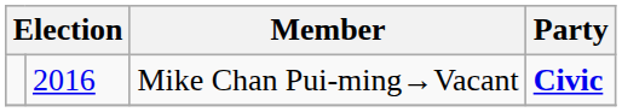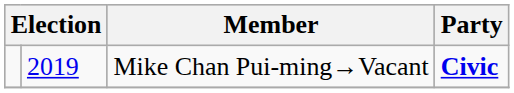 <table class="wikitable">
 <tr>
 <th colspan="2">Election</th>
 <th>Member</th>
 <th>Party</th>
 </tr>
 <tr>
 <td style="color:inherit;background:"></td>
-<td><a href='#'>2016</a></td>
+<td><a href='#'>2019</a></td>
 <td>Mike Chan Pui-ming→Vacant</td>
 <td><strong><a href='#'>Civic</a></strong></td>
 </tr>
 <tr>
 </tr>
 </table>
